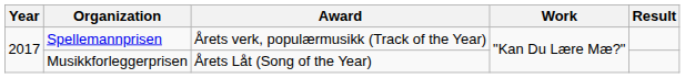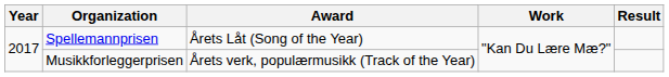 <table class="wikitable">
 <tr>
 <th>Year</th>
 <th>Organization</th>
 <th>Award</th>
 <th>Work</th>
 <th>Result</th>
 </tr>
 <tr>
 <td rowspan="2">2017</td>
 <td><a href='#'>Spellemannprisen</a></td>
-<td>Årets verk, populærmusikk (Track of the Year)</td>
+<td>Årets Låt (Song of the Year)</td>
 <td rowspan="2">"Kan Du Lære Mæ?"</td>
 <td></td>
 </tr>
 <tr>
 <td>Musikkforleggerprisen</td>
-<td>Årets Låt (Song of the Year)</td>
+<td>Årets verk, populærmusikk (Track of the Year)</td>
 <td></td>
 </tr>
 </table>
